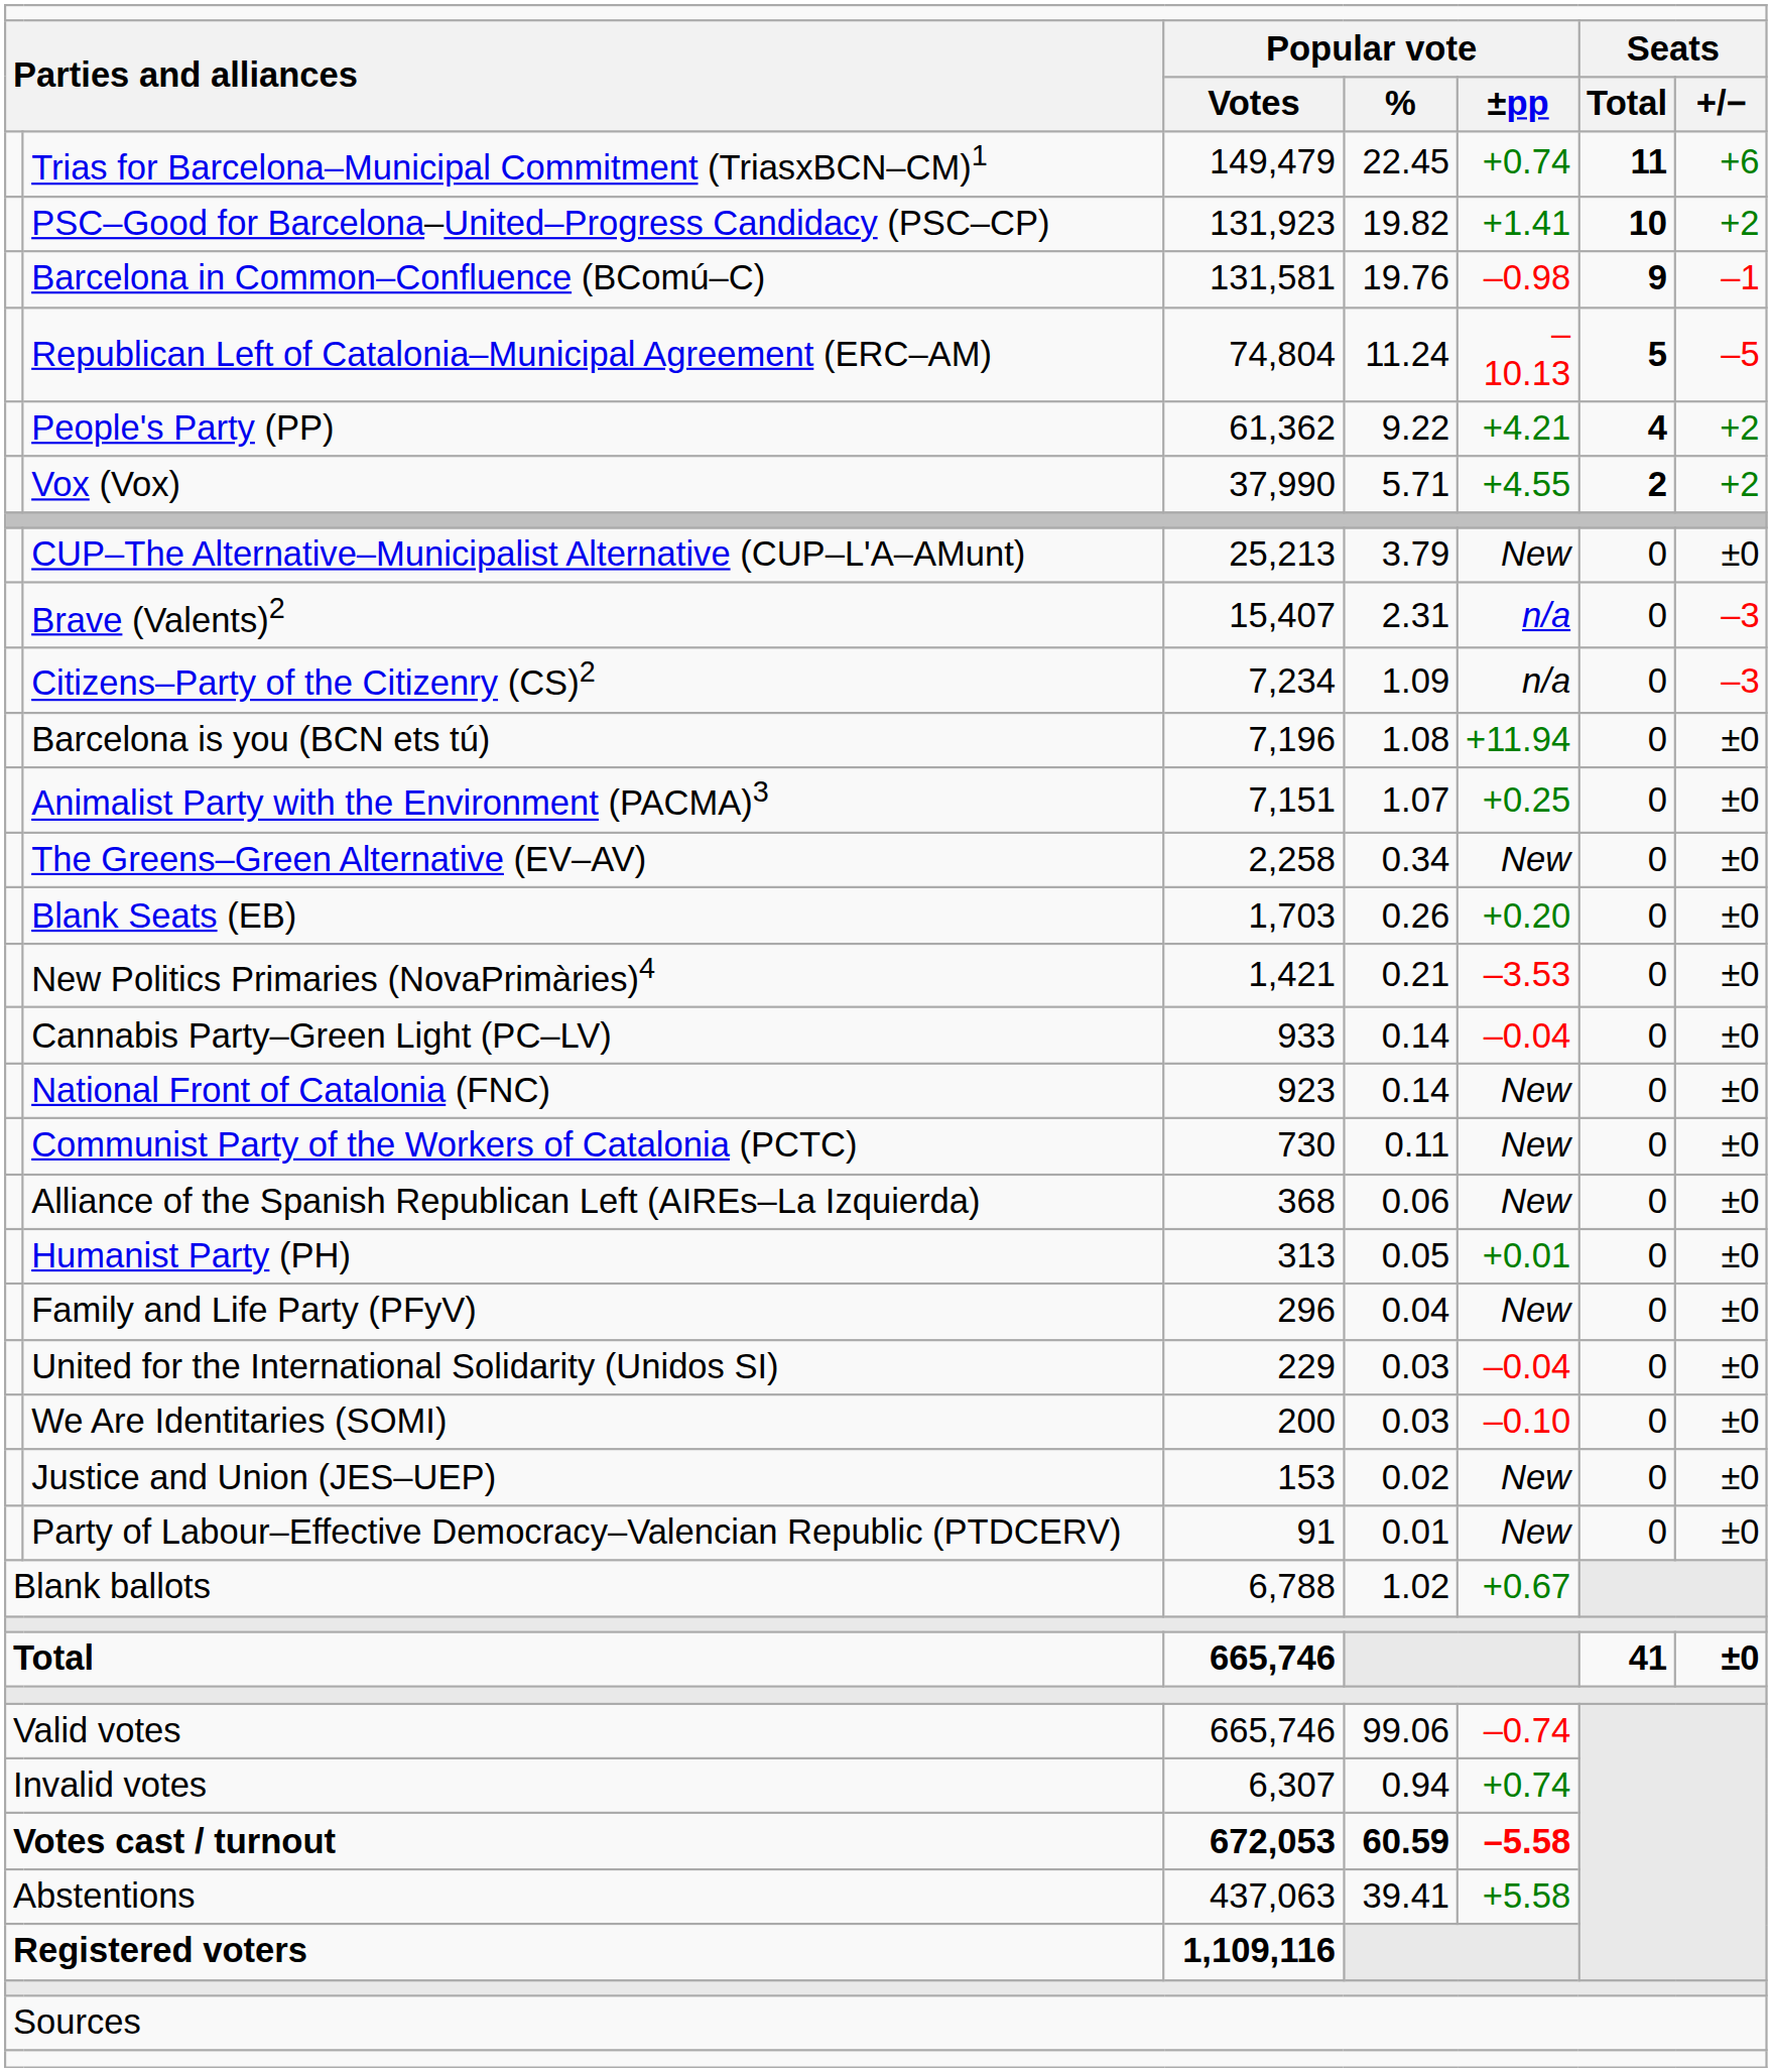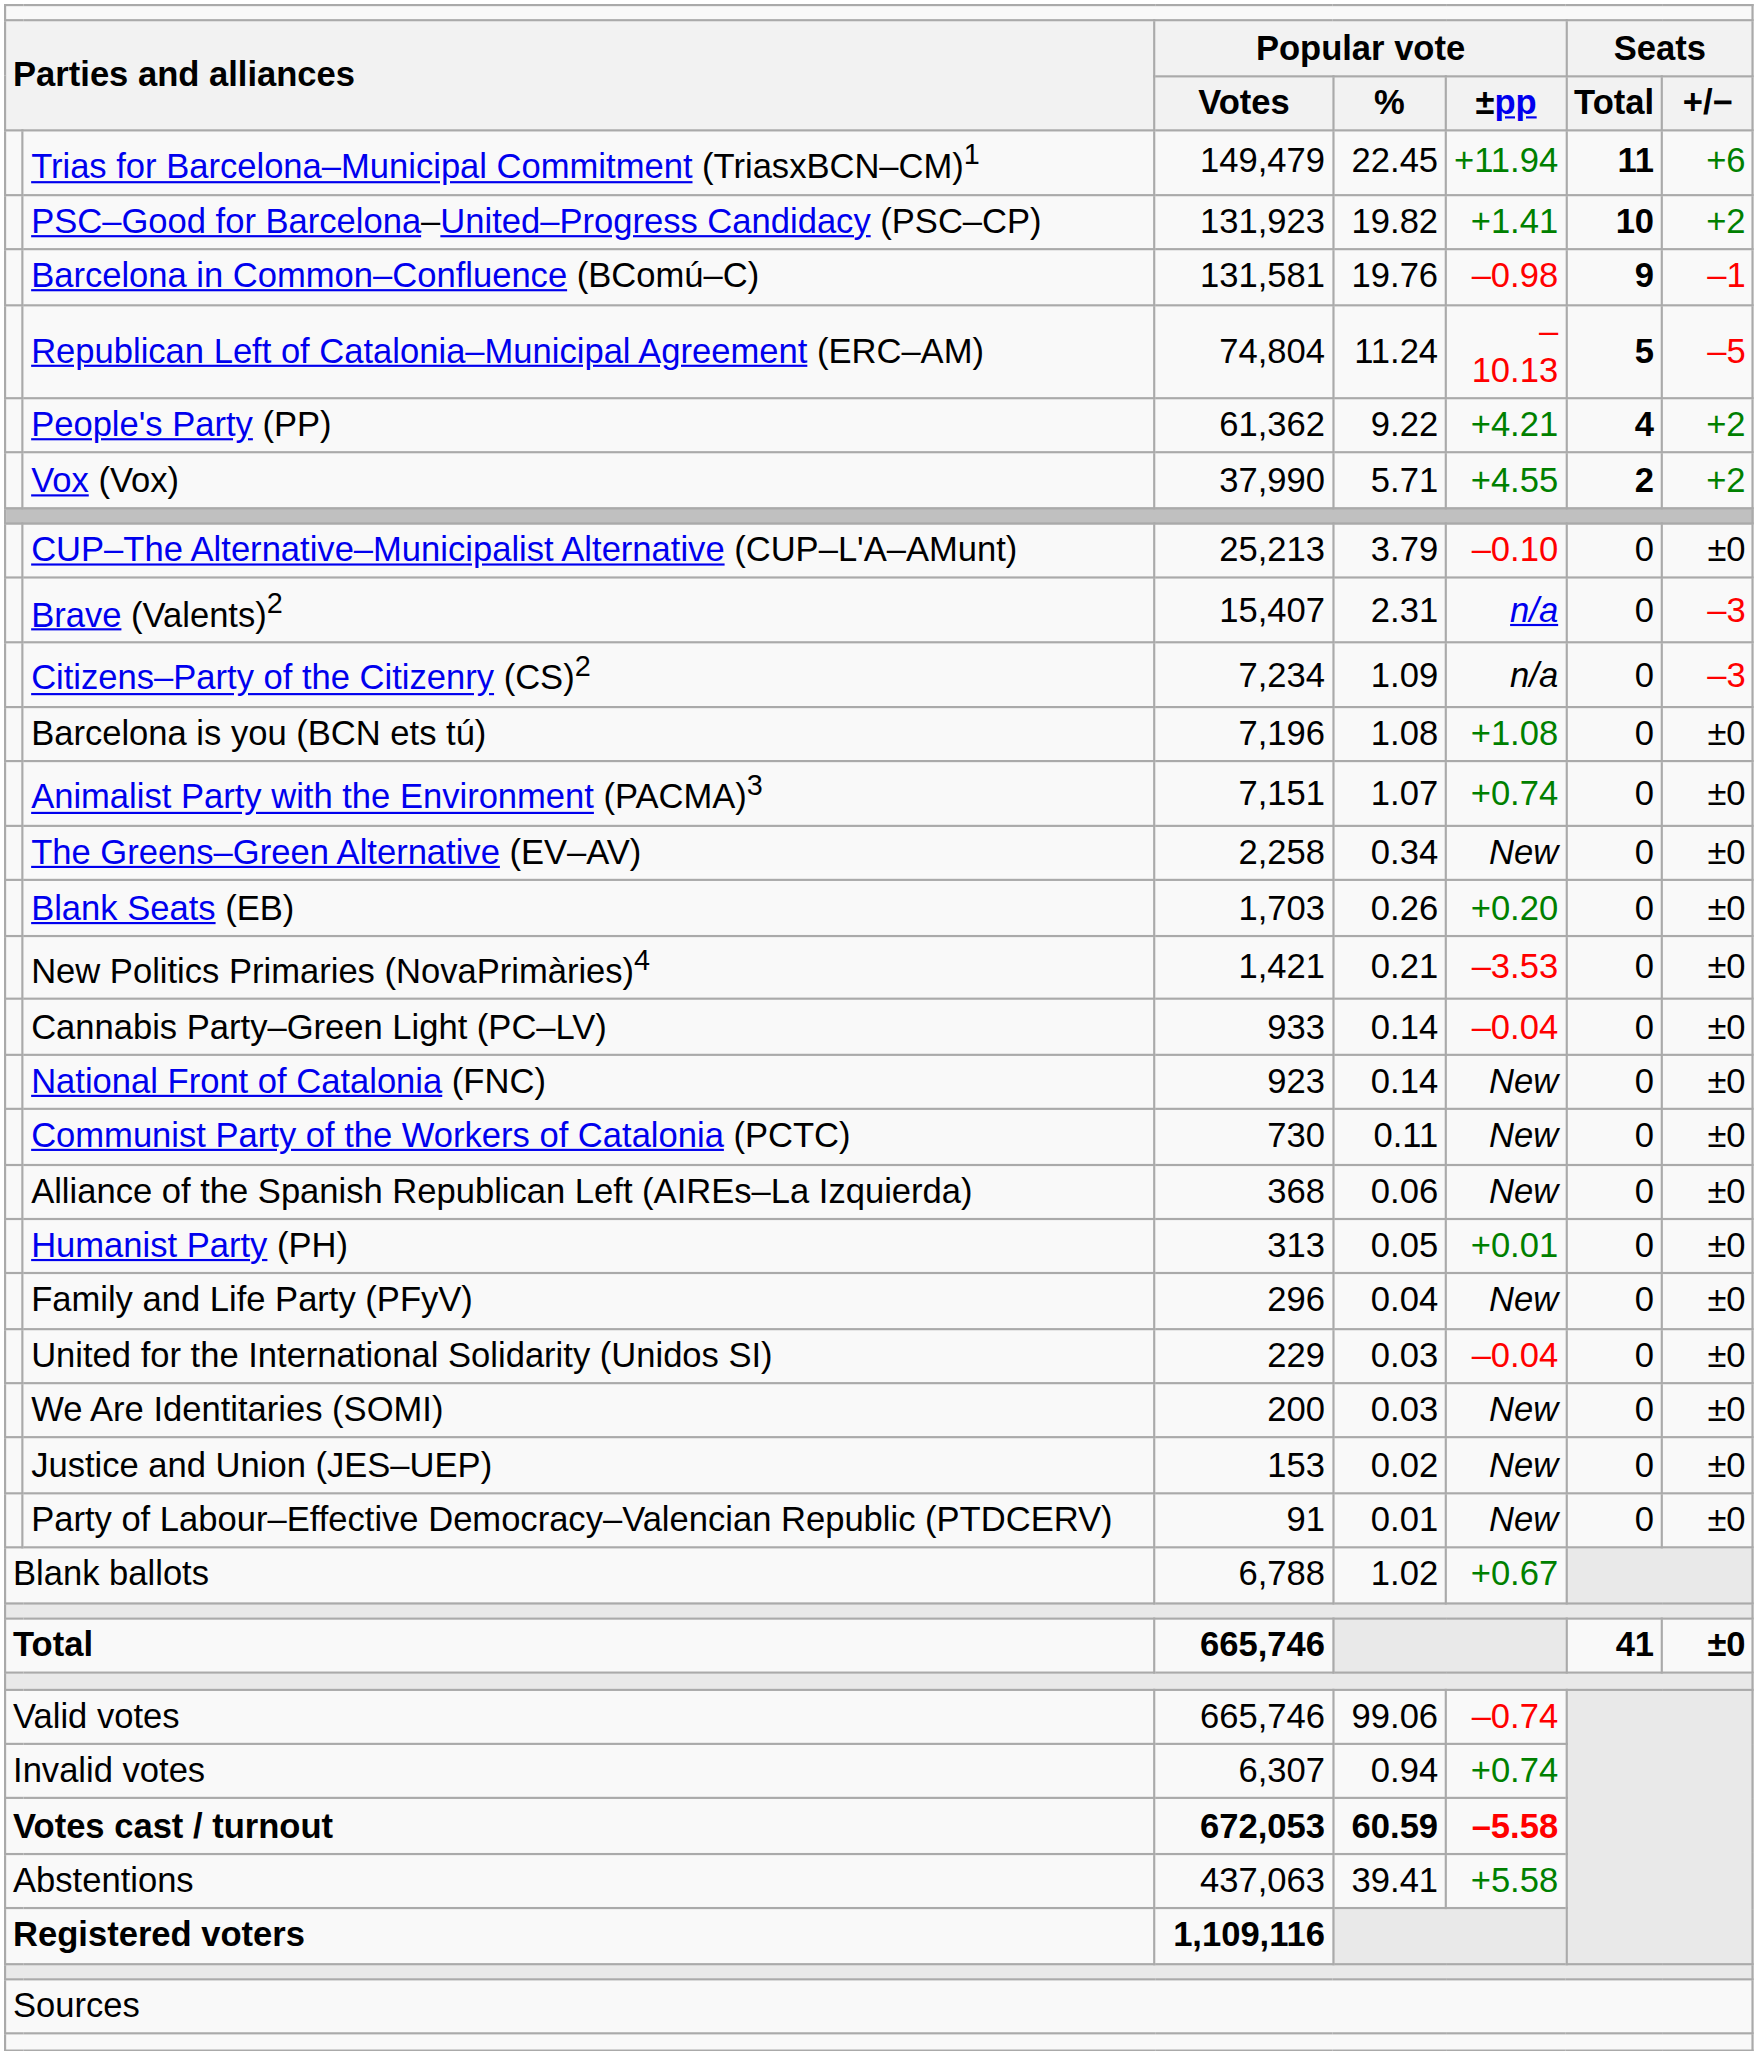 <table class="wikitable" style="text-align:right;">
 <tr>
 <td colspan="7"></td>
 </tr>
 <tr>
 <th style="text-align:left;" rowspan="2" colspan="2" width="525">Parties and alliances</th>
 <th colspan="3">Popular vote</th>
 <th colspan="2">Seats</th>
 </tr>
 <tr>
 <th width="75">Votes</th>
 <th width="45">%</th>
 <th width="45">±<a href='#'>pp</a></th>
 <th width="35">Total</th>
 <th width="35">+/−</th>
 </tr>
 <tr>
 <td width="1" style="color:inherit;background:"></td>
 <td align="left"><a href='#'>Trias for Barcelona–Municipal Commitment</a> (TriasxBCN–CM)<sup>1</sup></td>
 <td>149,479</td>
 <td>22.45</td>
-<td style="color:green;">+0.74</td>
+<td style="color:green;">+11.94</td>
 <td><strong>11</strong></td>
 <td style="color:green;">+6</td>
 </tr>
 <tr>
 <td style="color:inherit;background:"></td>
 <td align="left"><a href='#'>PSC–Good for Barcelona</a>–<a href='#'>United–Progress Candidacy</a> (PSC–CP)</td>
 <td>131,923</td>
 <td>19.82</td>
 <td style="color:green;">+1.41</td>
 <td><strong>10</strong></td>
 <td style="color:green;">+2</td>
 </tr>
 <tr>
 <td style="color:inherit;background:"></td>
 <td align="left"><a href='#'>Barcelona in Common–Confluence</a> (BComú–C)</td>
 <td>131,581</td>
 <td>19.76</td>
 <td style="color:red;">–0.98</td>
 <td><strong>9</strong></td>
 <td style="color:red;">–1</td>
 </tr>
 <tr>
 <td style="color:inherit;background:"></td>
 <td align="left"><a href='#'>Republican Left of Catalonia–Municipal Agreement</a> (ERC–AM)</td>
 <td>74,804</td>
 <td>11.24</td>
 <td style="color:red;">–10.13</td>
 <td><strong>5</strong></td>
 <td style="color:red;">–5</td>
 </tr>
 <tr>
 <td style="color:inherit;background:"></td>
 <td align="left"><a href='#'>People's Party</a> (PP)</td>
 <td>61,362</td>
 <td>9.22</td>
 <td style="color:green;">+4.21</td>
 <td><strong>4</strong></td>
 <td style="color:green;">+2</td>
 </tr>
 <tr>
 <td style="color:inherit;background:"></td>
 <td align="left"><a href='#'>Vox</a> (Vox)</td>
 <td>37,990</td>
 <td>5.71</td>
 <td style="color:green;">+4.55</td>
 <td><strong>2</strong></td>
 <td style="color:green;">+2</td>
 </tr>
 <tr>
 <td colspan="7" bgcolor="#C0C0C0"></td>
 </tr>
 <tr>
 <td style="color:inherit;background:"></td>
 <td align="left"><a href='#'>CUP–The Alternative–Municipalist Alternative</a> (CUP–L'A–AMunt)</td>
 <td>25,213</td>
 <td>3.79</td>
-<td><em>New</em></td>
+<td style="color:red;">–0.10</td>
 <td>0</td>
 <td>±0</td>
 </tr>
 <tr>
 <td style="color:inherit;background:"></td>
 <td align="left"><a href='#'>Brave</a> (Valents)<sup>2</sup></td>
 <td>15,407</td>
 <td>2.31</td>
 <td><em><a href='#'>n/a</a></em></td>
 <td>0</td>
 <td style="color:red;">–3</td>
 </tr>
 <tr>
 <td style="color:inherit;background:"></td>
 <td align="left"><a href='#'>Citizens–Party of the Citizenry</a> (CS)<sup>2</sup></td>
 <td>7,234</td>
 <td>1.09</td>
 <td><em>n/a</em></td>
 <td>0</td>
 <td style="color:red;">–3</td>
 </tr>
 <tr>
 <td style="color:inherit;background:"></td>
 <td align="left">Barcelona is you (BCN ets tú)</td>
 <td>7,196</td>
 <td>1.08</td>
-<td style="color:green;">+11.94</td>
+<td style="color:green;">+1.08</td>
 <td>0</td>
 <td>±0</td>
 </tr>
 <tr>
 <td style="color:inherit;background:"></td>
 <td align="left"><a href='#'>Animalist Party with the Environment</a> (PACMA)<sup>3</sup></td>
 <td>7,151</td>
 <td>1.07</td>
-<td style="color:green;">+0.25</td>
+<td style="color:green;">+0.74</td>
 <td>0</td>
 <td>±0</td>
 </tr>
 <tr>
 <td style="color:inherit;background:"></td>
 <td align="left"><a href='#'>The Greens–Green Alternative</a> (EV–AV)</td>
 <td>2,258</td>
 <td>0.34</td>
 <td><em>New</em></td>
 <td>0</td>
 <td>±0</td>
 </tr>
 <tr>
 <td style="color:inherit;background:"></td>
 <td align="left"><a href='#'>Blank Seats</a> (EB)</td>
 <td>1,703</td>
 <td>0.26</td>
 <td style="color:green;">+0.20</td>
 <td>0</td>
 <td>±0</td>
 </tr>
 <tr>
 <td style="color:inherit;background:"></td>
 <td align="left">New Politics Primaries (NovaPrimàries)<sup>4</sup></td>
 <td>1,421</td>
 <td>0.21</td>
 <td style="color:red;">–3.53</td>
 <td>0</td>
 <td>±0</td>
 </tr>
 <tr>
 <td style="color:inherit;background:"></td>
 <td align="left">Cannabis Party–Green Light (PC–LV)</td>
 <td>933</td>
 <td>0.14</td>
 <td style="color:red;">–0.04</td>
 <td>0</td>
 <td>±0</td>
 </tr>
 <tr>
 <td style="color:inherit;background:"></td>
 <td align="left"><a href='#'>National Front of Catalonia</a> (FNC)</td>
 <td>923</td>
 <td>0.14</td>
 <td><em>New</em></td>
 <td>0</td>
 <td>±0</td>
 </tr>
 <tr>
 <td style="color:inherit;background:"></td>
 <td align="left"><a href='#'>Communist Party of the Workers of Catalonia</a> (PCTC)</td>
 <td>730</td>
 <td>0.11</td>
 <td><em>New</em></td>
 <td>0</td>
 <td>±0</td>
 </tr>
 <tr>
 <td style="color:inherit;background:"></td>
 <td align="left">Alliance of the Spanish Republican Left (AIREs–La Izquierda)</td>
 <td>368</td>
 <td>0.06</td>
 <td><em>New</em></td>
 <td>0</td>
 <td>±0</td>
 </tr>
 <tr>
 <td style="color:inherit;background:"></td>
 <td align="left"><a href='#'>Humanist Party</a> (PH)</td>
 <td>313</td>
 <td>0.05</td>
 <td style="color:green;">+0.01</td>
 <td>0</td>
 <td>±0</td>
 </tr>
 <tr>
 <td style="color:inherit;background:"></td>
 <td align="left">Family and Life Party (PFyV)</td>
 <td>296</td>
 <td>0.04</td>
 <td><em>New</em></td>
 <td>0</td>
 <td>±0</td>
 </tr>
 <tr>
 <td style="color:inherit;background:"></td>
 <td align="left">United for the International Solidarity (Unidos SI)</td>
 <td>229</td>
 <td>0.03</td>
 <td style="color:red;">–0.04</td>
 <td>0</td>
 <td>±0</td>
 </tr>
 <tr>
 <td style="color:inherit;background:"></td>
 <td align="left">We Are Identitaries (SOMI)</td>
 <td>200</td>
 <td>0.03</td>
-<td style="color:red;">–0.10</td>
+<td><em>New</em></td>
 <td>0</td>
 <td>±0</td>
 </tr>
 <tr>
 <td style="color:inherit;background:"></td>
 <td align="left">Justice and Union (JES–UEP)</td>
 <td>153</td>
 <td>0.02</td>
 <td><em>New</em></td>
 <td>0</td>
 <td>±0</td>
 </tr>
 <tr>
 <td style="color:inherit;background:"></td>
 <td align="left">Party of Labour–Effective Democracy–Valencian Republic (PTDCERV)</td>
 <td>91</td>
 <td>0.01</td>
 <td><em>New</em></td>
 <td>0</td>
 <td>±0</td>
 </tr>
 <tr>
 <td align="left" colspan="2">Blank ballots</td>
 <td>6,788</td>
 <td>1.02</td>
 <td style="color:green;">+0.67</td>
 <td bgcolor="#E9E9E9" colspan="2"></td>
 </tr>
 <tr>
 <td colspan="7" bgcolor="#E9E9E9"></td>
 </tr>
 <tr style="font-weight:bold;">
 <td align="left" colspan="2">Total</td>
 <td>665,746</td>
 <td bgcolor="#E9E9E9" colspan="2"></td>
 <td>41</td>
 <td>±0</td>
 </tr>
 <tr>
 <td colspan="7" bgcolor="#E9E9E9"></td>
 </tr>
 <tr>
 <td align="left" colspan="2">Valid votes</td>
 <td>665,746</td>
 <td>99.06</td>
 <td style="color:red;">–0.74</td>
 <td bgcolor="#E9E9E9" colspan="2" rowspan="5"></td>
 </tr>
 <tr>
 <td align="left" colspan="2">Invalid votes</td>
 <td>6,307</td>
 <td>0.94</td>
 <td style="color:green;">+0.74</td>
 </tr>
 <tr style="font-weight:bold;">
 <td align="left" colspan="2">Votes cast / turnout</td>
 <td>672,053</td>
 <td>60.59</td>
 <td style="color:red;">–5.58</td>
 </tr>
 <tr>
 <td align="left" colspan="2">Abstentions</td>
 <td>437,063</td>
 <td>39.41</td>
 <td style="color:green;">+5.58</td>
 </tr>
 <tr style="font-weight:bold;">
 <td align="left" colspan="2">Registered voters</td>
 <td>1,109,116</td>
 <td bgcolor="#E9E9E9" colspan="2"></td>
 </tr>
 <tr>
 <td colspan="7" bgcolor="#E9E9E9"></td>
 </tr>
 <tr>
 <td align="left" colspan="7">Sources</td>
 </tr>
 <tr>
 <td colspan="7" style="text-align:left; max-width:790px;"></td>
 </tr>
 </table>
